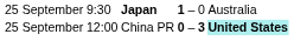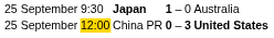 <table>
 <tr>
 <td>25 September</td>
 <td>9:30</td>
 <td><strong>Japan</strong></td>
 <td><strong>1</strong></td>
 <td>–</td>
 <td>0</td>
 <td>Australia</td>
 <td></td>
 </tr>
 <tr>
 <td>25 September</td>
-<td>12:00</td>
+<td style="background: gold;">12:00</td>
 <td>China PR</td>
 <td><strong>0</strong></td>
 <td>–</td>
 <td><strong>3</strong></td>
-<td style="background: paleturquoise;"><strong>United States</strong></td>
+<td><strong>United States</strong></td>
 <td></td>
 </tr>
 </table>
